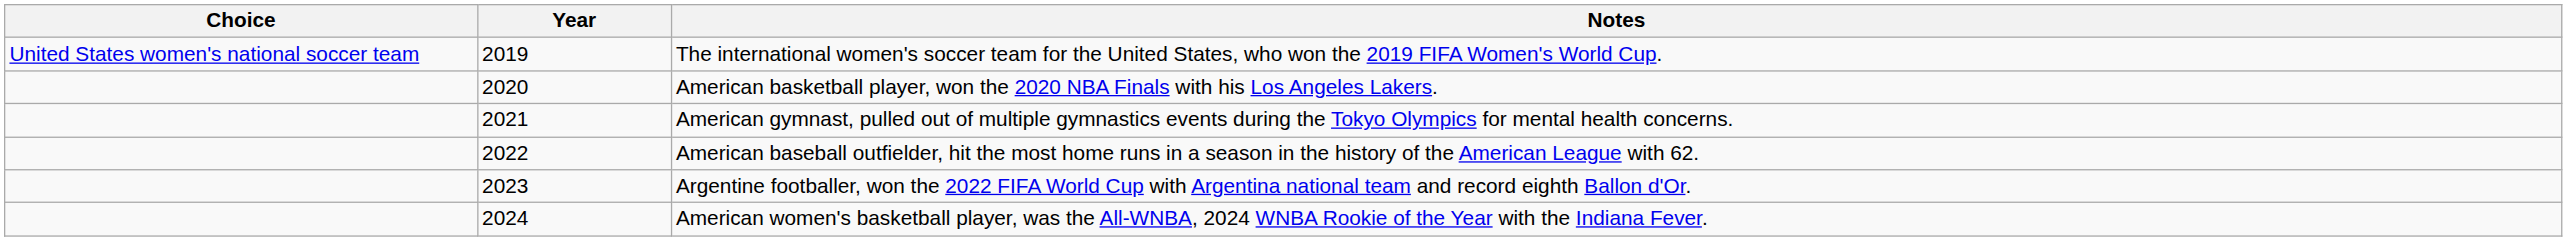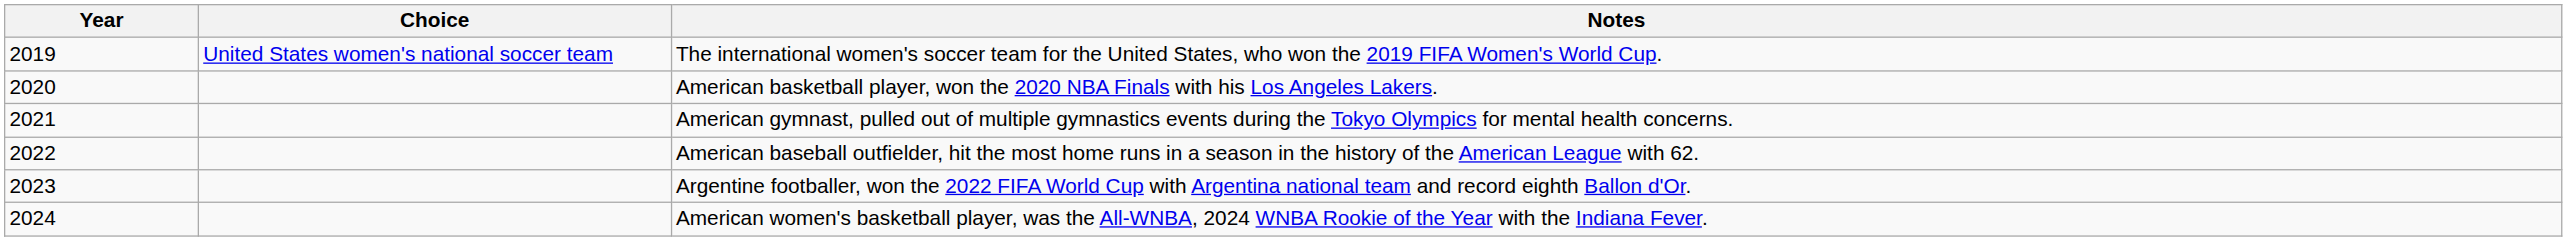 <table class="wikitable unsortable plainrowheaders">
 <tr>
+<th scope="col" width="2%">Year</th>
 <th scope="col" width="5%">Choice</th>
-<th scope="col" width="2%">Year</th>
 <th scope="col" width="20%">Notes</th>
 </tr>
 <tr>
+<td>2019</td>
 <td><a href='#'>United States women's national soccer team</a></td>
-<td>2019</td>
 <td>The international women's soccer team for the United States, who won the <a href='#'>2019 FIFA Women's World Cup</a>.</td>
 </tr>
 <tr>
+<td>2020</td>
 <td></td>
-<td>2020</td>
 <td>American basketball player, won the <a href='#'>2020 NBA Finals</a> with his <a href='#'>Los Angeles Lakers</a>.</td>
 </tr>
 <tr>
+<td>2021</td>
 <td></td>
-<td>2021</td>
 <td>American gymnast, pulled out of multiple gymnastics events during the <a href='#'>Tokyo Olympics</a> for mental health concerns.</td>
 </tr>
 <tr>
+<td>2022</td>
 <td></td>
-<td>2022</td>
 <td>American baseball outfielder, hit the most home runs in a season in the history of the <a href='#'>American League</a> with 62.</td>
 </tr>
 <tr>
+<td>2023</td>
 <td></td>
-<td>2023</td>
 <td>Argentine footballer, won the <a href='#'>2022 FIFA World Cup</a> with <a href='#'>Argentina national team</a> and record eighth <a href='#'>Ballon d'Or</a>.</td>
 </tr>
 <tr>
+<td>2024</td>
 <td></td>
-<td>2024</td>
 <td>American women's basketball player, was the <a href='#'>All-WNBA</a>, 2024 <a href='#'>WNBA Rookie of the Year</a> with the <a href='#'>Indiana Fever</a>.</td>
 </tr>
 </table>
